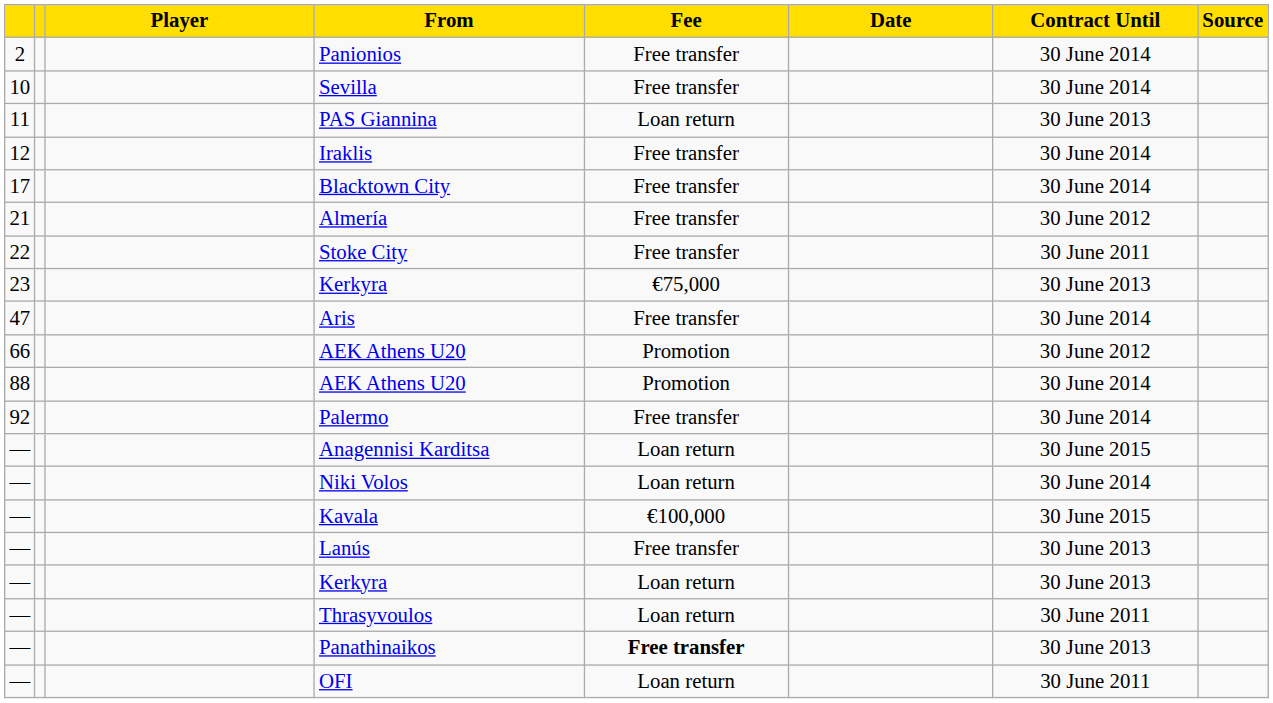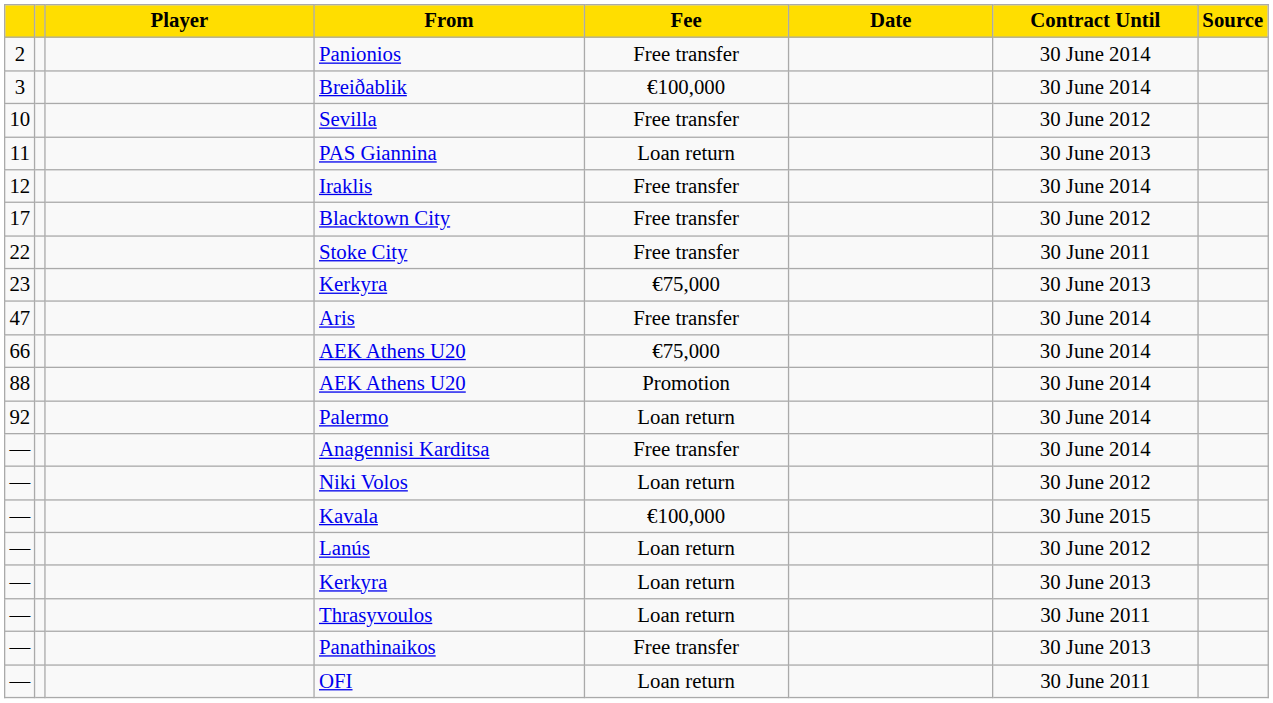 <table class="wikitable sortable">
 <tr>
 <th style="background:#FFDE00"></th>
 <th style="background:#FFDE00"></th>
 <th width=200 style="background:#FFDE00">Player</th>
 <th width=200 style="background:#FFDE00">From</th>
 <th width=150 style="background:#FFDE00">Fee</th>
 <th width=150 style="background:#FFDE00">Date</th>
 <th width=150 style="background:#FFDE00">Contract Until</th>
 <th style="background:#FFDE00">Source</th>
 </tr>
 <tr>
 <td align=center>2</td>
 <td align=center></td>
 <td></td>
 <td> <a href='#'>Panionios</a></td>
 <td align=center>Free transfer</td>
 <td align=center></td>
 <td align=center>30 June 2014</td>
 <td align=center></td>
 </tr>
 <tr>
+<td align=center>3</td>
+<td align=center></td>
+<td></td>
+<td> <a href='#'>Breiðablik</a></td>
+<td align=center>€100,000</td>
+<td align=center></td>
+<td align=center>30 June 2014</td>
+<td align=center></td>
+</tr>
+<tr>
 <td align=center>10</td>
 <td align=center></td>
 <td></td>
 <td> <a href='#'>Sevilla</a></td>
 <td align=center>Free transfer</td>
 <td align=center></td>
-<td align=center>30 June 2014</td>
+<td align=center>30 June 2012</td>
 <td align=center></td>
 </tr>
 <tr>
 <td align=center>11</td>
 <td align=center></td>
 <td></td>
 <td> <a href='#'>PAS Giannina</a></td>
 <td align=center>Loan return</td>
 <td align=center></td>
 <td align=center>30 June 2013</td>
 <td align=center></td>
 </tr>
 <tr>
 <td align=center>12</td>
 <td align=center></td>
 <td></td>
 <td> <a href='#'>Iraklis</a></td>
 <td align=center>Free transfer</td>
 <td align=center></td>
 <td align=center>30 June 2014</td>
 <td align=center></td>
 </tr>
 <tr>
 <td align=center>17</td>
 <td align=center></td>
 <td></td>
 <td> <a href='#'>Blacktown City</a></td>
-<td align=center>Free transfer</td>
-<td align=center></td>
-<td align=center>30 June 2014</td>
-<td align=center></td>
-</tr>
-<tr>
-<td align=center>21</td>
-<td align=center></td>
-<td></td>
-<td> <a href='#'>Almería</a></td>
 <td align=center>Free transfer</td>
 <td align=center></td>
 <td align=center>30 June 2012</td>
 <td align=center></td>
 </tr>
 <tr>
 <td align=center>22</td>
 <td align=center></td>
 <td></td>
 <td> <a href='#'>Stoke City</a></td>
 <td align=center>Free transfer</td>
 <td align=center></td>
 <td align=center>30 June 2011</td>
 <td align=center></td>
 </tr>
 <tr>
 <td align=center>23</td>
 <td align=center></td>
 <td></td>
 <td> <a href='#'>Kerkyra</a></td>
 <td align=center>€75,000</td>
 <td align=center></td>
 <td align=center>30 June 2013</td>
 <td align=center></td>
 </tr>
 <tr>
 <td align=center>47</td>
 <td align=center></td>
 <td></td>
 <td> <a href='#'>Aris</a></td>
 <td align=center>Free transfer</td>
 <td align=center></td>
 <td align=center>30 June 2014</td>
 <td align=center></td>
 </tr>
 <tr>
 <td align=center>66</td>
 <td align=center></td>
 <td></td>
 <td> <a href='#'>AEK Athens U20</a></td>
-<td align=center>Promotion</td>
+<td align=center>€75,000</td>
 <td align=center></td>
-<td align=center>30 June 2012</td>
+<td align=center>30 June 2014</td>
 <td align=center></td>
 </tr>
 <tr>
 <td align=center>88</td>
 <td align=center></td>
 <td></td>
 <td> <a href='#'>AEK Athens U20</a></td>
 <td align=center>Promotion</td>
 <td align=center></td>
 <td align=center>30 June 2014</td>
 <td align=center></td>
 </tr>
 <tr>
 <td align=center>92</td>
 <td align=center></td>
 <td></td>
 <td> <a href='#'>Palermo</a></td>
+<td align=center>Loan return</td>
+<td align=center></td>
+<td align=center>30 June 2014</td>
+<td align=center></td>
+</tr>
+<tr>
+<td align=center>—</td>
+<td align=center></td>
+<td></td>
+<td> <a href='#'>Anagennisi Karditsa</a></td>
 <td align=center>Free transfer</td>
 <td align=center></td>
 <td align=center>30 June 2014</td>
 <td align=center></td>
 </tr>
 <tr>
 <td align=center>—</td>
 <td align=center></td>
 <td></td>
-<td> <a href='#'>Anagennisi Karditsa</a></td>
-<td align=center>Loan return</td>
-<td align=center></td>
-<td align=center>30 June 2015</td>
-<td align=center></td>
-</tr>
-<tr>
-<td align=center>—</td>
-<td align=center></td>
-<td></td>
 <td> <a href='#'>Niki Volos</a></td>
 <td align=center>Loan return</td>
 <td align=center></td>
-<td align=center>30 June 2014</td>
+<td align=center>30 June 2012</td>
 <td align=center></td>
 </tr>
 <tr>
 <td align=center>—</td>
 <td align=center></td>
 <td></td>
 <td> <a href='#'>Kavala</a></td>
 <td align=center>€100,000</td>
 <td align=center></td>
 <td align=center>30 June 2015</td>
 <td align=center></td>
 </tr>
 <tr>
 <td align=center>—</td>
 <td align=center></td>
 <td></td>
 <td> <a href='#'>Lanús</a></td>
-<td align=center>Free transfer</td>
+<td align=center>Loan return</td>
 <td align=center></td>
-<td align=center>30 June 2013</td>
+<td align=center>30 June 2012</td>
 <td align=center></td>
 </tr>
 <tr>
 <td align=center>—</td>
 <td align=center></td>
 <td></td>
 <td> <a href='#'>Kerkyra</a></td>
 <td align=center>Loan return</td>
 <td align=center></td>
 <td align=center>30 June 2013</td>
 <td align=center></td>
 </tr>
 <tr>
 <td align=center>—</td>
 <td align=center></td>
 <td></td>
 <td> <a href='#'>Thrasyvoulos</a></td>
 <td align=center>Loan return</td>
 <td align=center></td>
 <td align=center>30 June 2011</td>
 <td align=center></td>
 </tr>
 <tr>
 <td align=center>—</td>
 <td align=center></td>
 <td></td>
 <td> <a href='#'>Panathinaikos</a></td>
-<td align=center><strong>Free transfer</strong></td>
+<td align=center>Free transfer</td>
 <td align=center></td>
 <td align=center>30 June 2013</td>
 <td align=center></td>
 </tr>
 <tr>
 <td align=center>—</td>
 <td align=center></td>
 <td></td>
 <td> <a href='#'>OFI</a></td>
 <td align=center>Loan return</td>
 <td align=center></td>
 <td align=center>30 June 2011</td>
 <td align=center></td>
 </tr>
 </table>
